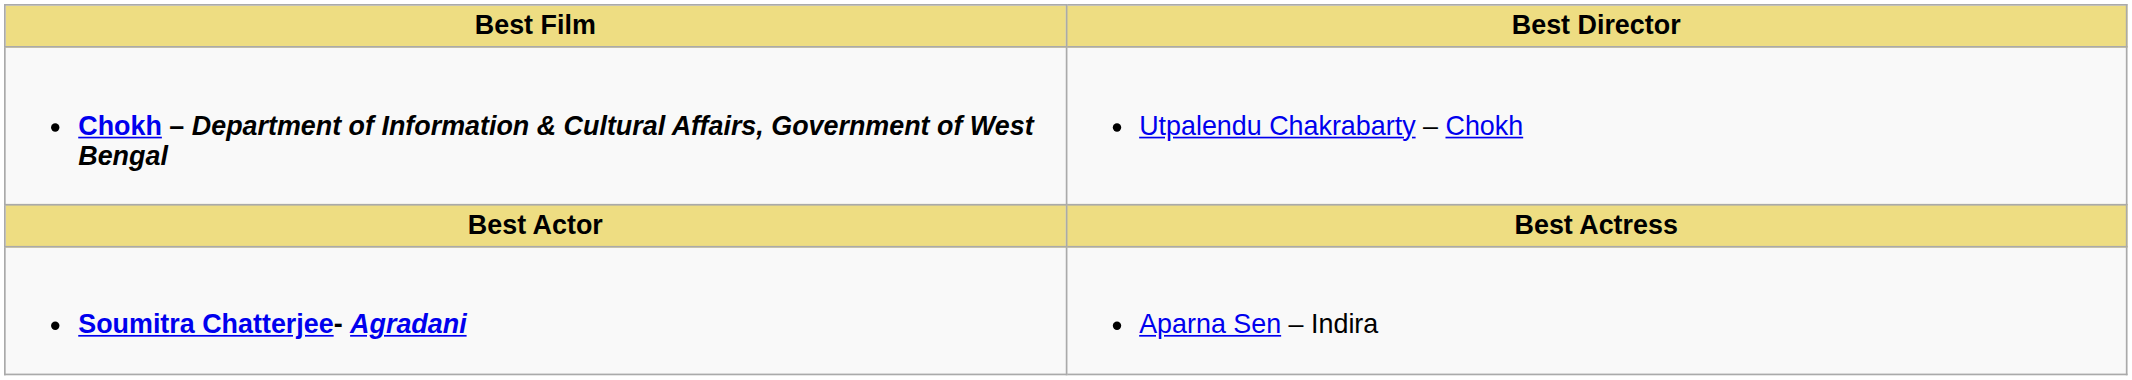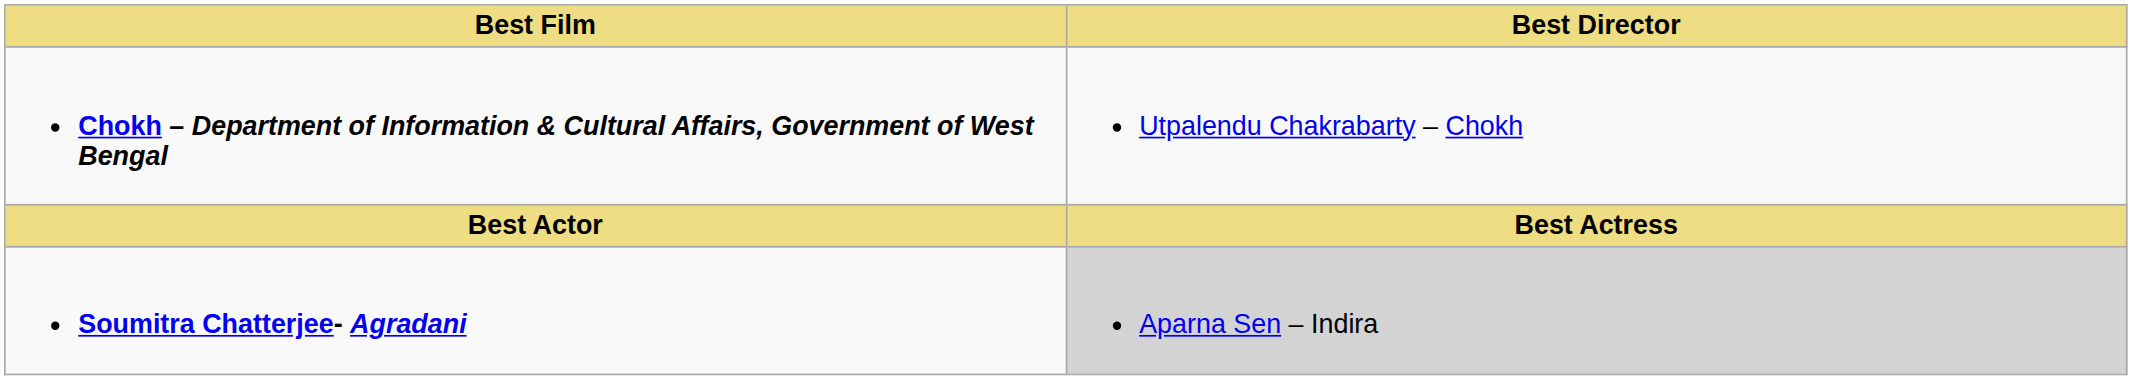 <table class="wikitable" width="100%"  |>
 <tr>
 <th !  style="background:#eedd82; text-align:center; width:50%;">Best Film</th>
 <th !  style="background:#eedd82; text-align:center; width:50%;">Best Director</th>
 </tr>
 <tr>
 <td valign="top"><br><ul><li><strong><a href='#'>Chokh</a> – <em>Department of Information & Cultural Affairs, Government of West Bengal<strong><em></li></ul></td>
 <td valign="top"><br><ul><li></strong><a href='#'>Utpalendu Chakrabarty</a> – </em><a href='#'>Chokh</a></em></strong></li></ul></td>
 </tr>
 <tr>
 <th ! style="background:#eedd82; text-align:center;">Best Actor</th>
 <th ! style="background:#eedd82; text-align:center;">Best Actress</th>
 </tr>
 <tr>
 <td><br><ul><li><strong><a href='#'>Soumitra Chatterjee</a>- <em><a href='#'>Agradani</a><strong><em></li></ul></td>
-<td><br><ul><li></strong><a href='#'>Aparna Sen</a> – </em>Indira</em></strong></li></ul></td>
+<td style="background: lightgrey;"><br><ul><li></strong><a href='#'>Aparna Sen</a> – </em>Indira</em></strong></li></ul></td>
 </tr>
 </table>
